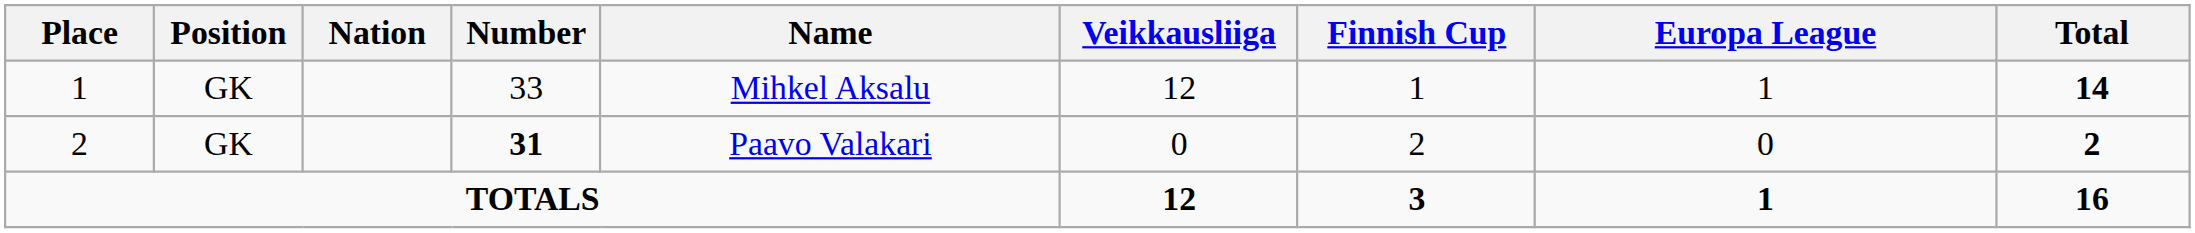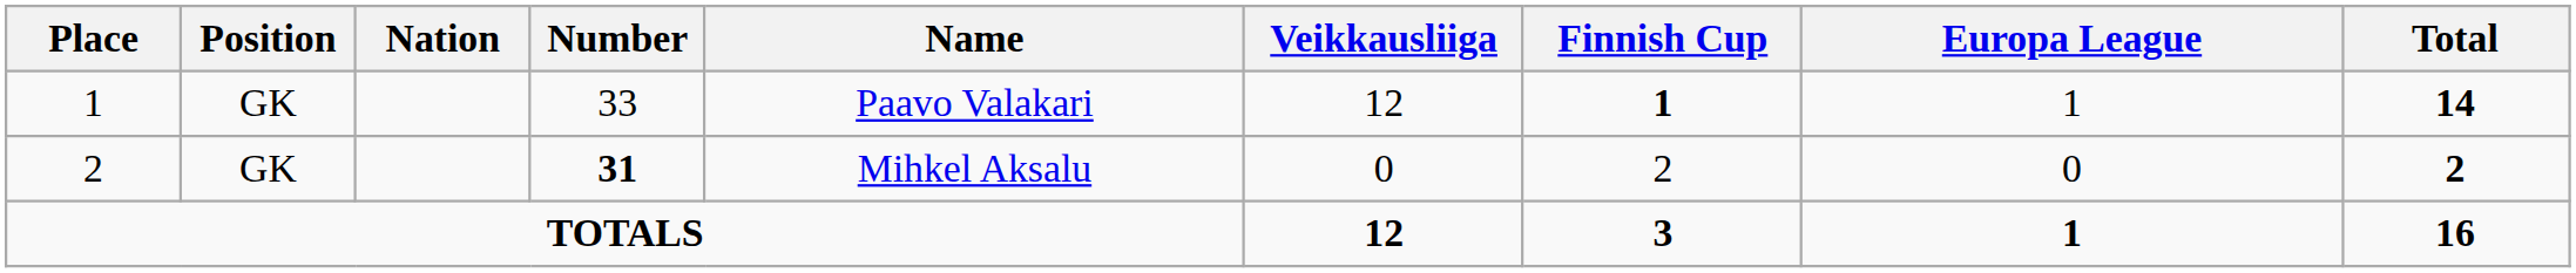 <table class="wikitable" style="font-size: 95%; text-align: center;">
 <tr>
 <th width=60>Place</th>
 <th width=60>Position</th>
 <th width=60>Nation</th>
 <th width=60>Number</th>
 <th width=200>Name</th>
 <th width=100><a href='#'>Veikkausliiga</a></th>
 <th width=100><a href='#'>Finnish Cup</a></th>
 <th width=200><a href='#'>Europa League</a></th>
 <th width=80><strong>Total</strong></th>
 </tr>
 <tr>
 <td>1</td>
 <td>GK</td>
 <td></td>
 <td>33</td>
-<td><a href='#'>Mihkel Aksalu</a></td>
+<td><a href='#'>Paavo Valakari</a></td>
 <td>12</td>
-<td>1</td>
+<td><strong>1</strong></td>
 <td>1</td>
 <td><strong>14</strong></td>
 </tr>
 <tr>
 <td>2</td>
 <td>GK</td>
 <td></td>
 <td><strong>31</strong></td>
-<td><a href='#'>Paavo Valakari</a></td>
+<td><a href='#'>Mihkel Aksalu</a></td>
 <td>0</td>
 <td>2</td>
 <td>0</td>
 <td><strong>2</strong></td>
 </tr>
 <tr>
 <td colspan="5"><strong>TOTALS</strong></td>
 <td><strong>12</strong></td>
 <td><strong>3</strong></td>
 <td><strong>1</strong></td>
 <td><strong>16</strong></td>
 </tr>
 </table>
